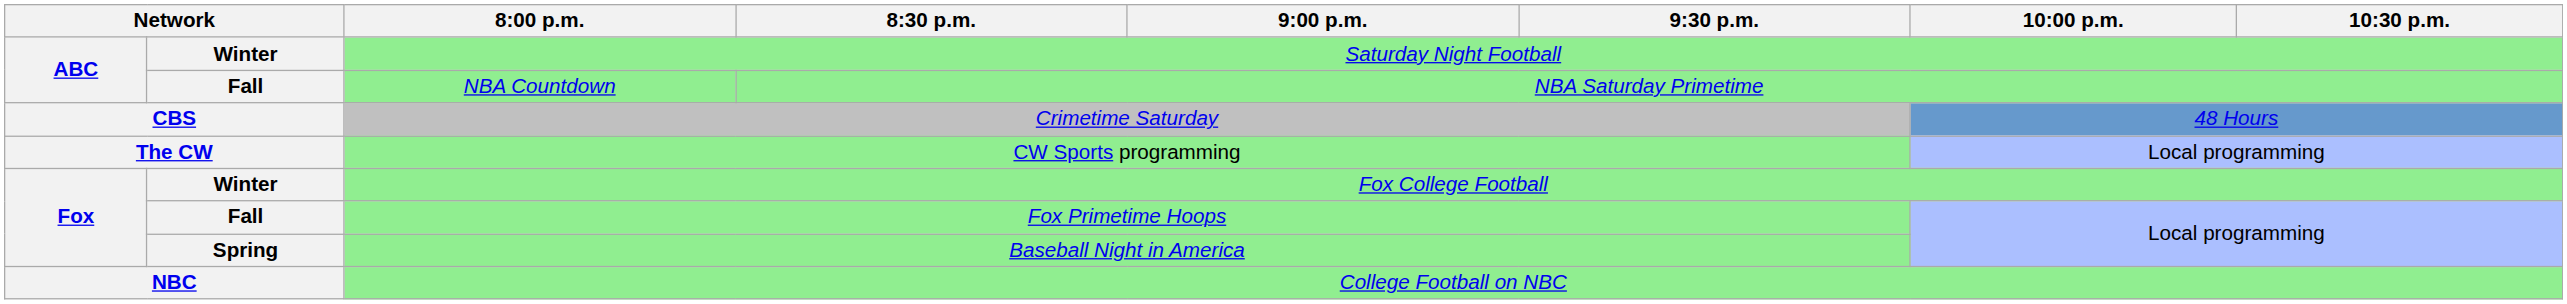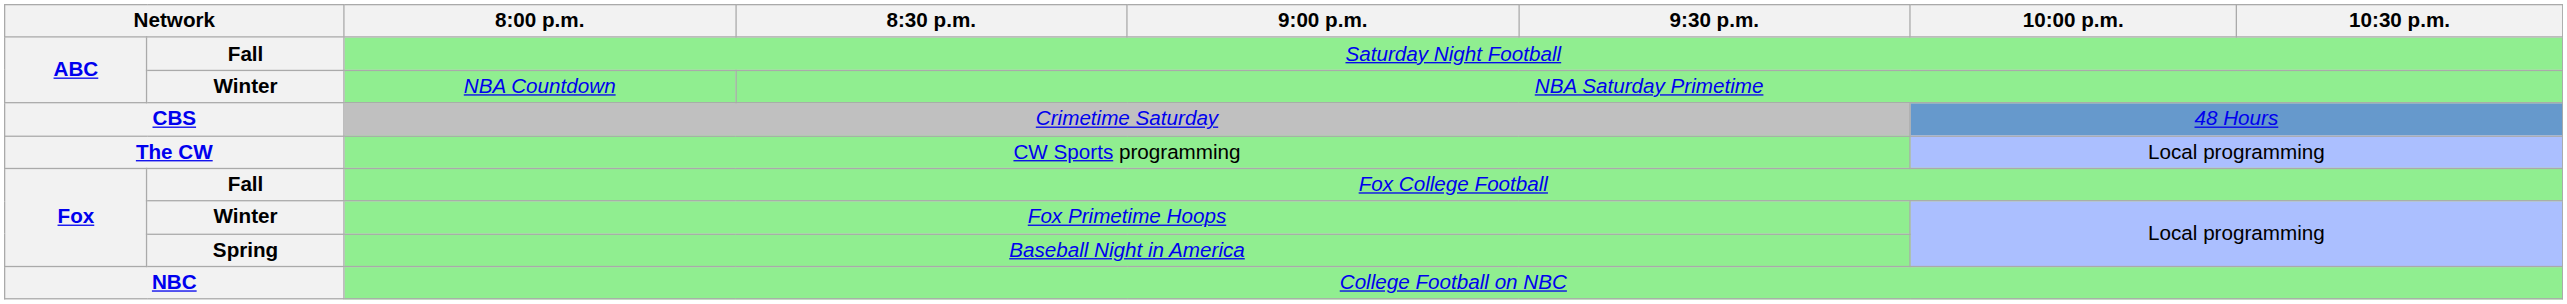 <table class="wikitable" style="width:100%;margin-right:0;text-align:center">
 <tr>
 <th colspan="2" style="width:13%;">Network</th>
 <th style="width:15%;">8:00 p.m.</th>
 <th style="width:15%;">8:30 p.m.</th>
 <th style="width:15%;">9:00 p.m.</th>
 <th style="width:15%;">9:30 p.m.</th>
 <th style="width:12.5%;">10:00 p.m.</th>
 <th style="width:12.5%;">10:30 p.m.</th>
 </tr>
 <tr>
 <th rowspan="2"><a href='#'>ABC</a></th>
-<th>Winter</th>
+<th>Fall</th>
 <td colspan="6" style="background:lightgreen"><em><a href='#'>Saturday Night Football</a></em>   </td>
 </tr>
 <tr>
-<th>Fall</th>
+<th>Winter</th>
 <td style="background:lightgreen"><em><a href='#'>NBA Countdown</a></em></td>
 <td colspan="5" style="background:lightgreen"><em><a href='#'>NBA Saturday Primetime</a></em></td>
 </tr>
 <tr>
 <th colspan="2"><a href='#'>CBS</a></th>
 <td colspan="4" style="background:#C0C0C0;"><em><a href='#'>Crimetime Saturday</a></em></td>
 <td colspan="2" style="background:#6699CC;"><em><a href='#'>48 Hours</a></em></td>
 </tr>
 <tr>
 <th colspan="2"><a href='#'>The CW</a></th>
 <td colspan="4" style="background:lightgreen"><a href='#'>CW Sports</a> programming</td>
 <td colspan="2" style="background:#abbfff;">Local programming</td>
 </tr>
 <tr>
 <th rowspan="3"><a href='#'>Fox</a></th>
-<th>Winter</th>
+<th>Fall</th>
 <td colspan="6" style="background:lightgreen"><em><a href='#'>Fox College Football</a></em>   </td>
 </tr>
 <tr>
-<th>Fall</th>
+<th>Winter</th>
 <td colspan="4" style="background:lightgreen"><em><a href='#'>Fox Primetime Hoops</a></em></td>
 <td rowspan="2" colspan="2" style="background:#abbfff;">Local programming</td>
 </tr>
 <tr>
 <th>Spring</th>
 <td colspan="4" style="background:lightgreen"><em><a href='#'>Baseball Night in America</a></em> </td>
 </tr>
 <tr>
 <th colspan="2"><a href='#'>NBC</a></th>
 <td colspan="6" style="background:lightgreen;"><em><a href='#'>College Football on NBC</a></em>   </td>
 </tr>
 </table>
